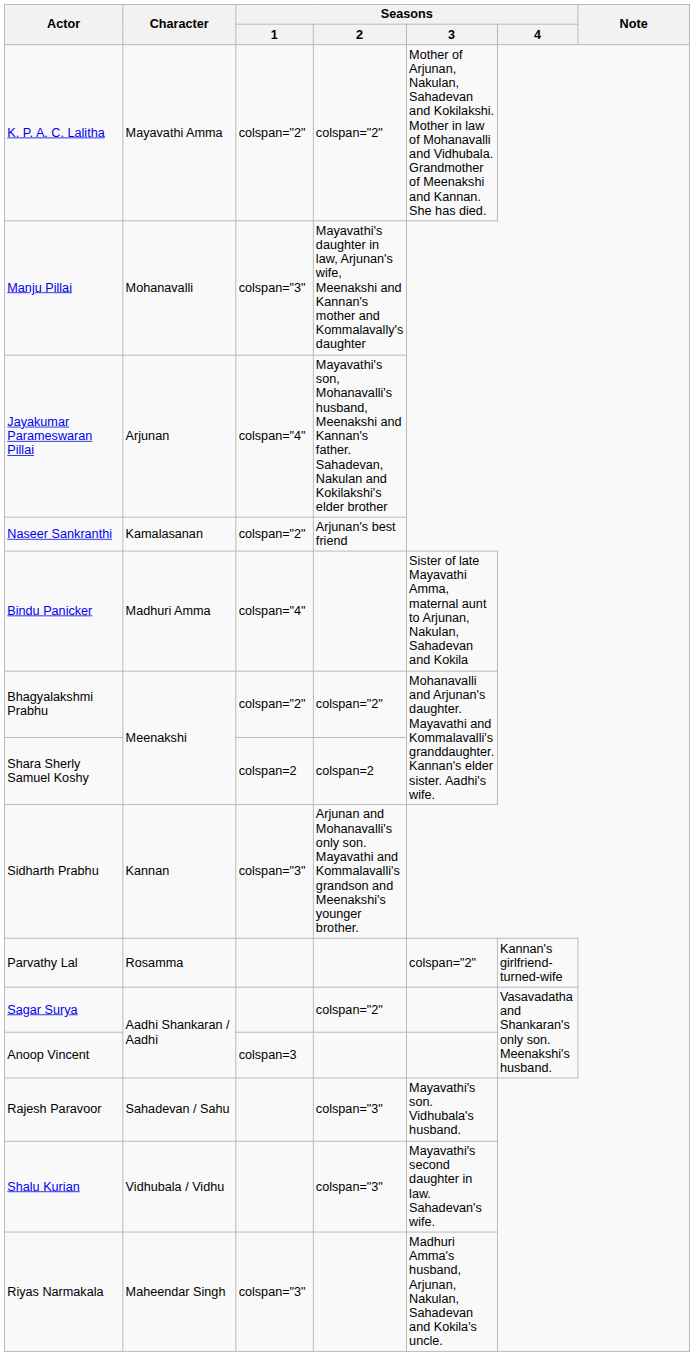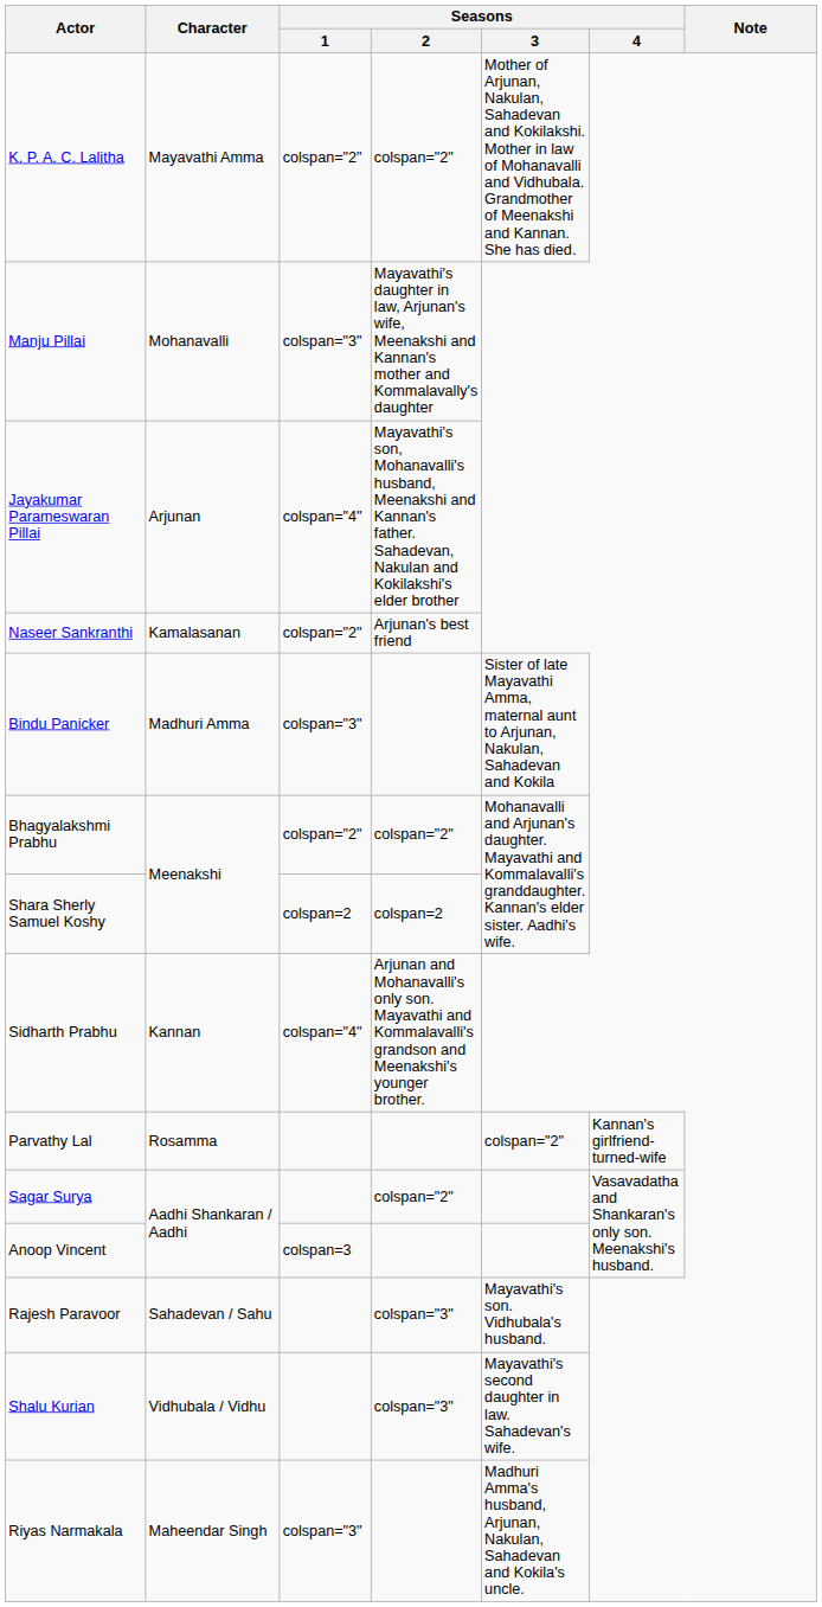 <table class="wikitable" line-height:20px; font-size:80%; width:70%;">
 <tr>
 <th rowspan="2"  width=200px>Actor</th>
 <th rowspan="2"  width=200px>Character</th>
 <th colspan="4"  width=200px>Seasons</th>
 <th rowspan="2"  width=300px>Note</th>
 </tr>
 <tr>
 <th width=100px>1</th>
 <th width=100px>2</th>
 <th width=100px>3</th>
 <th width=100px>4</th>
 </tr>
 <tr>
 <td><a href='#'>K. P. A. C. Lalitha</a></td>
 <td>Mayavathi Amma</td>
 <td>colspan="2" </td>
 <td>colspan="2" </td>
 <td>Mother of Arjunan, Nakulan, Sahadevan and Kokilakshi. Mother in law of Mohanavalli and Vidhubala. Grandmother of Meenakshi and Kannan. She has died.</td>
 </tr>
 <tr>
 <td scope="row"><a href='#'>Manju Pillai</a></td>
 <td>Mohanavalli</td>
 <td>colspan="3" </td>
 <td>Mayavathi's daughter in law, Arjunan's wife, Meenakshi and Kannan's mother and Kommalavally's daughter</td>
 </tr>
 <tr>
 <td scope="row"><a href='#'>Jayakumar Parameswaran Pillai</a></td>
 <td>Arjunan</td>
 <td>colspan="4" </td>
 <td>Mayavathi's son, Mohanavalli's husband, Meenakshi and Kannan's father. Sahadevan, Nakulan and Kokilakshi's elder brother</td>
 </tr>
 <tr>
 <td scope="row"><a href='#'>Naseer Sankranthi</a></td>
 <td>Kamalasanan</td>
 <td>colspan="2" </td>
 <td>Arjunan's best friend</td>
 </tr>
 <tr>
 <td><a href='#'>Bindu Panicker</a></td>
 <td>Madhuri Amma</td>
-<td>colspan="4" </td>
+<td>colspan="3" </td>
 <td></td>
 <td>Sister of late Mayavathi Amma, maternal aunt to Arjunan, Nakulan, Sahadevan and Kokila</td>
 </tr>
 <tr>
 <td scope="row">Bhagyalakshmi Prabhu</td>
 <td rowspan=2>Meenakshi</td>
 <td>colspan="2" </td>
 <td>colspan="2" </td>
 <td rowspan=2>Mohanavalli and Arjunan's daughter. Mayavathi and Kommalavalli's granddaughter. Kannan's elder sister. Aadhi's wife.</td>
 </tr>
 <tr>
 <td>Shara Sherly Samuel Koshy</td>
 <td>colspan=2 </td>
 <td>colspan=2 </td>
 </tr>
 <tr>
 <td scope="row">Sidharth Prabhu</td>
 <td>Kannan</td>
-<td>colspan="3" </td>
+<td>colspan="4" </td>
 <td>Arjunan and Mohanavalli's only son. Mayavathi and Kommalavalli's grandson and Meenakshi's younger brother.</td>
 </tr>
 <tr>
 <td>Parvathy Lal</td>
 <td>Rosamma</td>
 <td></td>
 <td></td>
 <td>colspan="2" </td>
 <td>Kannan's girlfriend-turned-wife</td>
 </tr>
 <tr>
 <td scope="row"><a href='#'>Sagar Surya</a></td>
 <td rowspan=2>Aadhi Shankaran / Aadhi</td>
 <td></td>
 <td>colspan="2" </td>
 <td></td>
 <td rowspan=2>Vasavadatha and Shankaran's only son. Meenakshi's husband.</td>
 </tr>
 <tr>
 <td>Anoop Vincent</td>
 <td>colspan=3 </td>
 <td></td>
 </tr>
 <tr>
 <td scope="row">Rajesh Paravoor</td>
 <td>Sahadevan / Sahu</td>
 <td></td>
 <td>colspan="3" </td>
 <td>Mayavathi's son. Vidhubala's husband.</td>
 </tr>
 <tr>
 <td scope="row"><a href='#'>Shalu Kurian</a></td>
 <td>Vidhubala / Vidhu</td>
 <td></td>
 <td>colspan="3" </td>
 <td>Mayavathi's second daughter in law. Sahadevan's wife.</td>
 </tr>
 <tr>
 <td scope="row">Riyas Narmakala</td>
 <td>Maheendar Singh</td>
 <td>colspan="3" </td>
 <td></td>
 <td>Madhuri Amma's husband, Arjunan, Nakulan, Sahadevan and Kokila's uncle.</td>
 </tr>
 </table>
